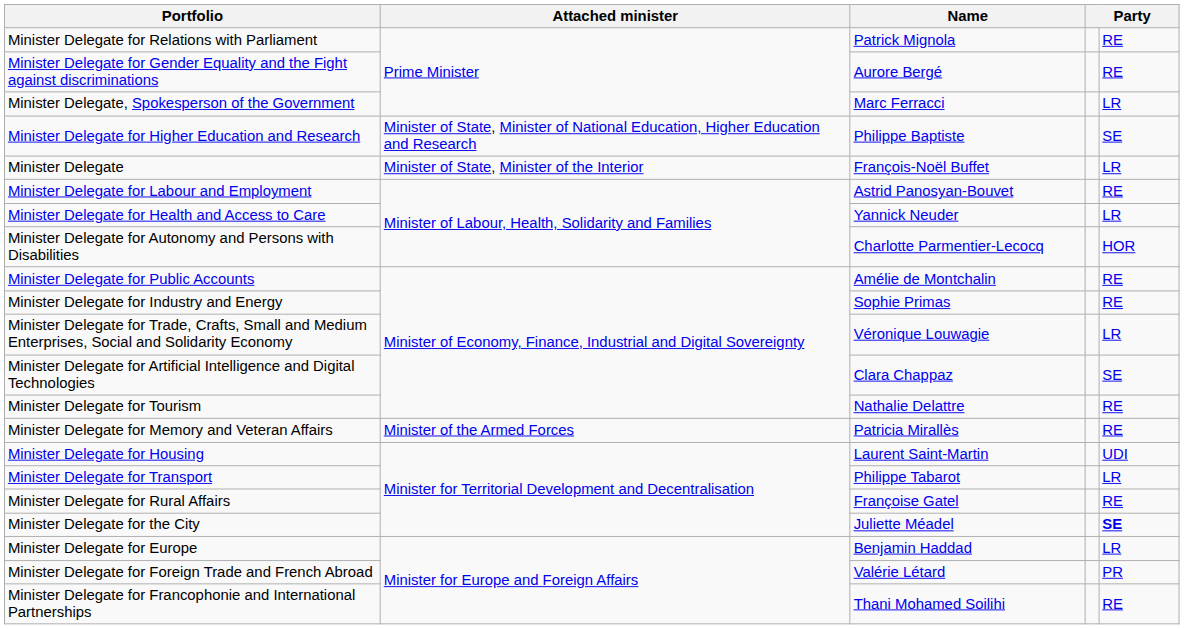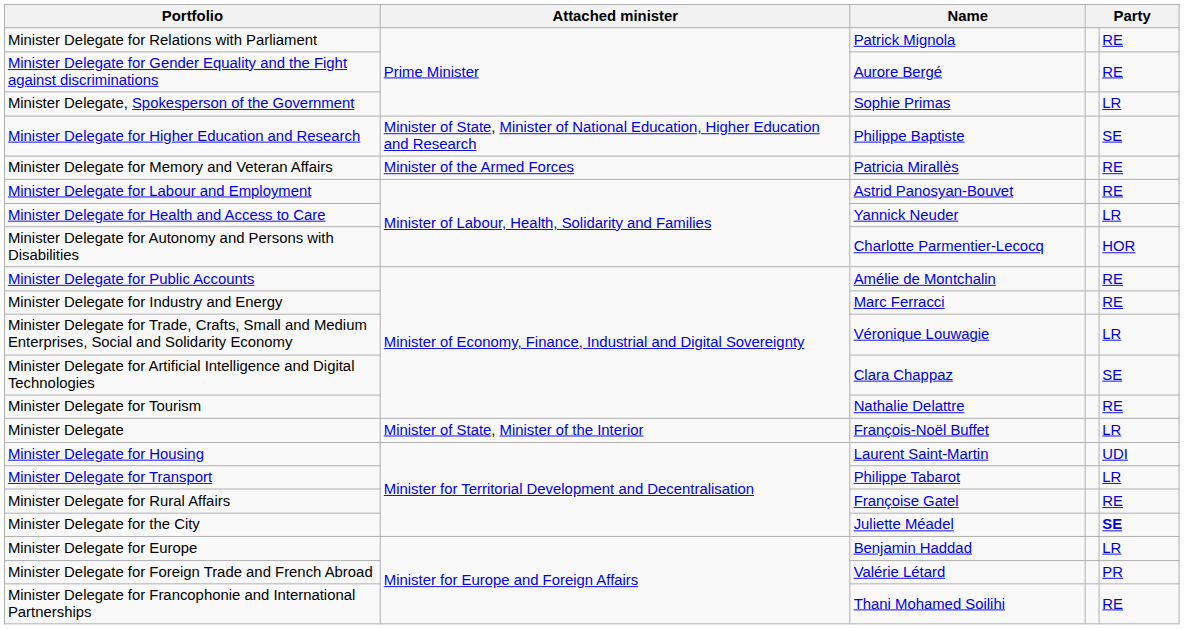 <table class="wikitable" style="width:100%">
 <tr>
 <th>Portfolio</th>
 <th style="width:40%">Attached minister</th>
 <th style="width:20%">Name</th>
 <th style="width:8%" colspan="2">Party</th>
 </tr>
 <tr>
 <td>Minister Delegate for Relations with Parliament</td>
 <td rowspan=3><a href='#'>Prime Minister</a></td>
 <td><a href='#'>Patrick Mignola</a></td>
 <td style="background:"></td>
 <td><a href='#'>RE</a></td>
 </tr>
 <tr>
 <td><a href='#'>Minister Delegate for Gender Equality and the Fight against discriminations</a></td>
 <td><a href='#'>Aurore Bergé</a></td>
 <td style="background:"></td>
 <td><a href='#'>RE</a></td>
 </tr>
 <tr>
 <td>Minister Delegate, <a href='#'>Spokesperson of the Government</a></td>
-<td><a href='#'>Marc Ferracci</a></td>
+<td><a href='#'>Sophie Primas</a></td>
 <td style="background:"></td>
 <td><a href='#'>LR</a></td>
 </tr>
 <tr>
 <td><a href='#'>Minister Delegate for Higher Education and Research</a></td>
 <td><a href='#'>Minister of State</a>, <a href='#'>Minister of National Education, Higher Education and Research</a></td>
 <td><a href='#'>Philippe Baptiste</a></td>
 <td style="background:"></td>
 <td><a href='#'>SE</a></td>
 </tr>
 <tr>
-<td>Minister Delegate</td>
-<td><a href='#'>Minister of State</a>, <a href='#'>Minister of the Interior</a></td>
-<td><a href='#'>François-Noël Buffet</a></td>
+<td>Minister Delegate for Memory and Veteran Affairs</td>
+<td><a href='#'>Minister of the Armed Forces</a></td>
+<td><a href='#'>Patricia Mirallès</a></td>
 <td style="background:"></td>
-<td><a href='#'>LR</a></td>
+<td><a href='#'>RE</a></td>
 </tr>
 <tr>
 <td><a href='#'>Minister Delegate for Labour and Employment</a></td>
 <td rowspan=3><a href='#'>Minister of Labour, Health, Solidarity and Families</a></td>
 <td><a href='#'>Astrid Panosyan-Bouvet</a></td>
 <td style="background:"></td>
 <td><a href='#'>RE</a></td>
 </tr>
 <tr>
 <td><a href='#'>Minister Delegate for Health and Access to Care</a></td>
 <td><a href='#'>Yannick Neuder</a></td>
 <td style="background:"></td>
 <td><a href='#'>LR</a></td>
 </tr>
 <tr>
 <td>Minister Delegate for Autonomy and Persons with Disabilities</td>
 <td><a href='#'>Charlotte Parmentier-Lecocq</a></td>
 <td style="background:"></td>
 <td><a href='#'>HOR</a></td>
 </tr>
 <tr>
 <td><a href='#'>Minister Delegate for Public Accounts</a></td>
 <td rowspan=5><a href='#'>Minister of Economy, Finance, Industrial and Digital Sovereignty</a></td>
 <td><a href='#'>Amélie de Montchalin</a></td>
 <td style="background:"></td>
 <td><a href='#'>RE</a></td>
 </tr>
 <tr>
 <td>Minister Delegate for Industry and Energy</td>
-<td><a href='#'>Sophie Primas</a></td>
+<td><a href='#'>Marc Ferracci</a></td>
 <td style="background:"></td>
 <td><a href='#'>RE</a></td>
 </tr>
 <tr>
 <td>Minister Delegate for Trade, Crafts, Small and Medium Enterprises, Social and Solidarity Economy</td>
 <td><a href='#'>Véronique Louwagie</a></td>
 <td style="background:"></td>
 <td><a href='#'>LR</a></td>
 </tr>
 <tr>
 <td>Minister Delegate for Artificial Intelligence and Digital Technologies</td>
 <td><a href='#'>Clara Chappaz</a></td>
 <td style="background:"></td>
 <td><a href='#'>SE</a></td>
 </tr>
 <tr>
 <td>Minister Delegate for Tourism</td>
 <td><a href='#'>Nathalie Delattre</a></td>
 <td style="background:"></td>
 <td><a href='#'>RE</a></td>
 </tr>
 <tr>
-<td>Minister Delegate for Memory and Veteran Affairs</td>
-<td><a href='#'>Minister of the Armed Forces</a></td>
-<td><a href='#'>Patricia Mirallès</a></td>
+<td>Minister Delegate</td>
+<td><a href='#'>Minister of State</a>, <a href='#'>Minister of the Interior</a></td>
+<td><a href='#'>François-Noël Buffet</a></td>
 <td style="background:"></td>
-<td><a href='#'>RE</a></td>
+<td><a href='#'>LR</a></td>
 </tr>
 <tr>
 <td><a href='#'>Minister Delegate for Housing</a></td>
 <td rowspan=4><a href='#'>Minister for Territorial Development and Decentralisation</a></td>
 <td><a href='#'>Laurent Saint-Martin</a></td>
 <td style="background:"></td>
 <td><a href='#'>UDI</a></td>
 </tr>
 <tr>
 <td><a href='#'>Minister Delegate for Transport</a></td>
 <td><a href='#'>Philippe Tabarot</a></td>
 <td style="background:"></td>
 <td><a href='#'>LR</a></td>
 </tr>
 <tr>
 <td>Minister Delegate for Rural Affairs</td>
 <td><a href='#'>Françoise Gatel</a></td>
 <td style="background:"></td>
 <td><a href='#'>RE</a></td>
 </tr>
 <tr>
 <td>Minister Delegate for the City</td>
 <td><a href='#'>Juliette Méadel</a></td>
 <td style="background:"></td>
 <td><strong><a href='#'>SE</a></strong></td>
 </tr>
 <tr>
 <td>Minister Delegate for Europe</td>
 <td rowspan=3><a href='#'>Minister for Europe and Foreign Affairs</a></td>
 <td><a href='#'>Benjamin Haddad</a></td>
 <td style="background:"></td>
 <td><a href='#'>LR</a></td>
 </tr>
 <tr>
 <td>Minister Delegate for Foreign Trade and French Abroad</td>
 <td><a href='#'>Valérie Létard</a></td>
 <td style="background:"></td>
 <td><a href='#'>PR</a></td>
 </tr>
 <tr>
 <td>Minister Delegate for Francophonie and International Partnerships</td>
 <td><a href='#'>Thani Mohamed Soilihi</a></td>
 <td style="background:"></td>
 <td><a href='#'>RE</a></td>
 </tr>
 </table>
